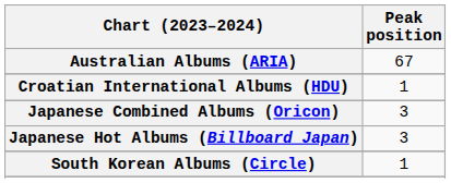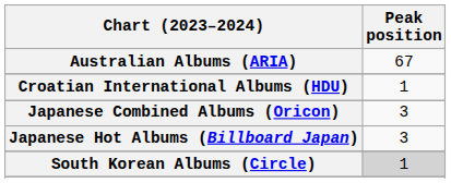 <table class="wikitable plainrowheaders sortable" style="text-align:center">
 <tr>
 <th scope="col">Chart (2023–2024)</th>
 <th scope="col">Peak<br>position</th>
 </tr>
 <tr>
 <th scope="row">Australian Albums (<a href='#'>ARIA</a>)</th>
 <td>67</td>
 </tr>
 <tr>
 </tr>
 <tr>
 <th scope="row">Croatian International Albums (<a href='#'>HDU</a>)</th>
 <td>1</td>
 </tr>
 <tr>
 </tr>
 <tr>
 </tr>
 <tr>
 </tr>
 <tr>
 <th scope="row">Japanese Combined Albums (<a href='#'>Oricon</a>)</th>
 <td>3</td>
 </tr>
 <tr>
 <th scope="row">Japanese Hot Albums (<em><a href='#'>Billboard Japan</a></em>)</th>
 <td>3</td>
 </tr>
 <tr>
 </tr>
 <tr>
 </tr>
 <tr>
 <th scope="row">South Korean Albums (<a href='#'>Circle</a>)</th>
-<td>1</td>
+<td style="background: lightgrey;">1</td>
 </tr>
 <tr>
 </tr>
 <tr>
 </tr>
 <tr>
 </tr>
 </table>
